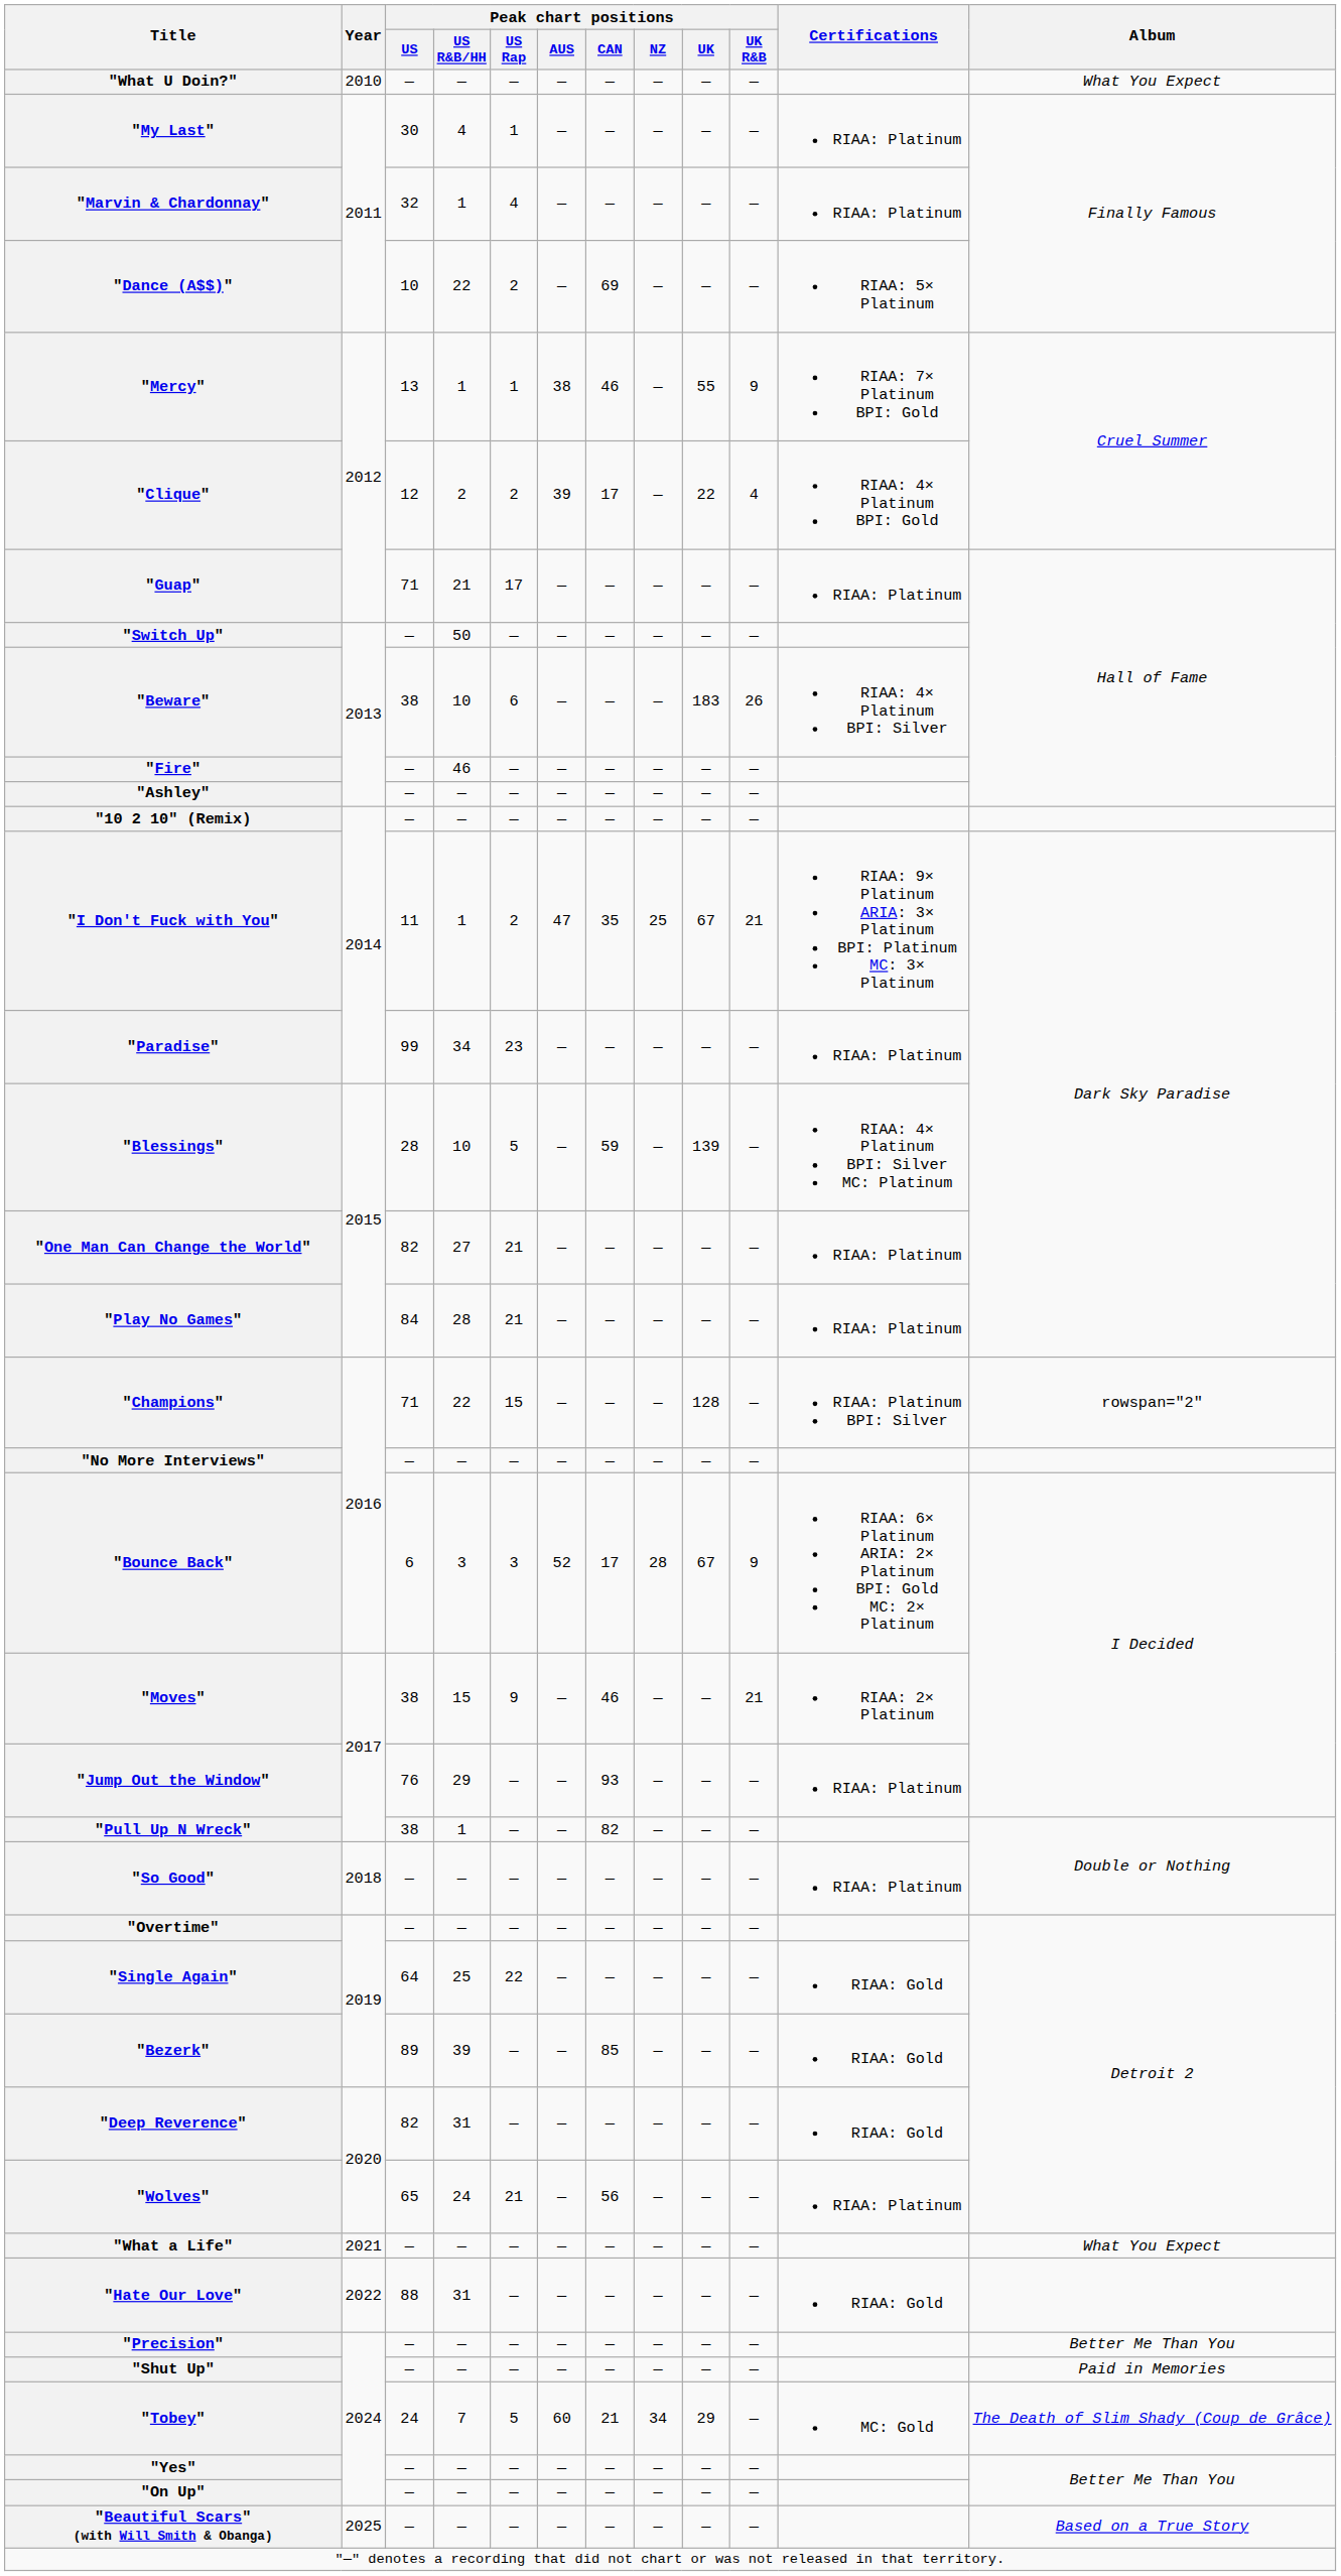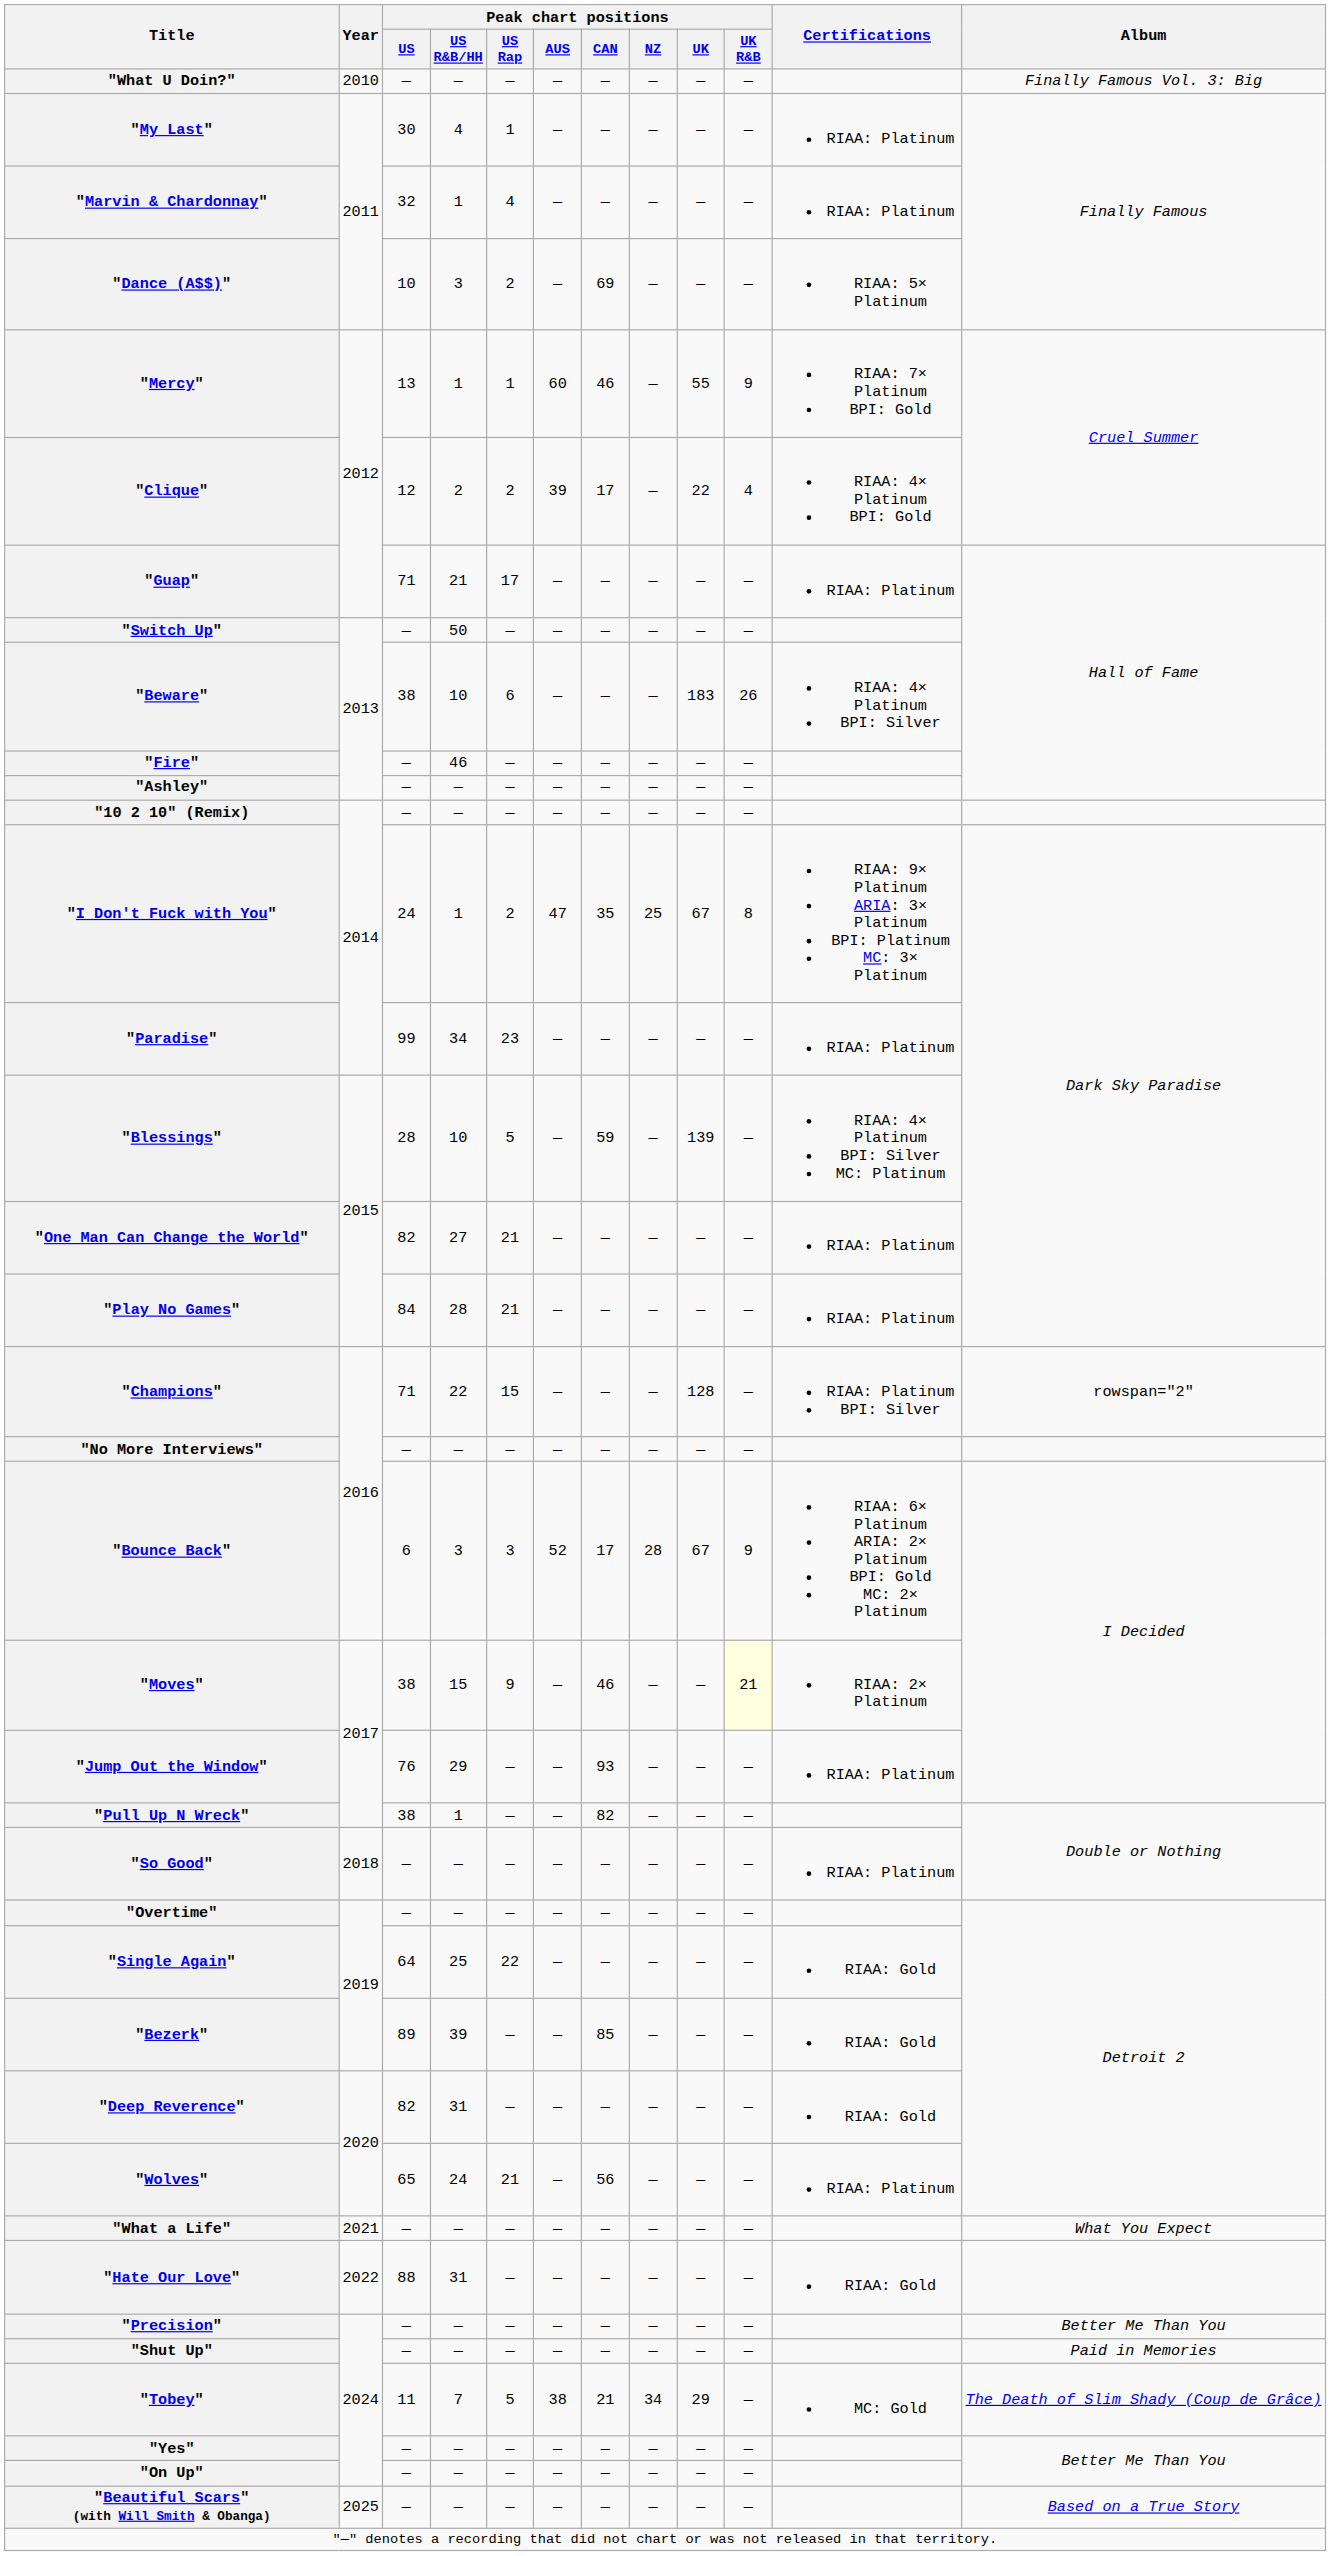 <table class="wikitable plainrowheaders" style="text-align:center;">
 <tr>
 <th scope="col" rowspan="2" style="width:21.5em;">Title</th>
 <th scope="col" rowspan="2">Year</th>
 <th scope="col" colspan="8">Peak chart positions</th>
 <th scope="col" rowspan="2" style="width:12em;"><a href='#'>Certifications</a></th>
 <th scope="col" rowspan="2">Album</th>
 </tr>
 <tr>
 <th scope="col" style="width:3em;font-size:90%;"><a href='#'>US</a><br></th>
 <th scope="col" style="width:3em;font-size:90%;"><a href='#'>US<br>R&B/HH</a><br></th>
 <th scope="col" style="width:3em;font-size:90%;"><a href='#'>US<br>Rap</a><br></th>
 <th scope="col" style="width:3em;font-size:90%;"><a href='#'>AUS</a><br></th>
 <th scope="col" style="width:3em;font-size:90%;"><a href='#'>CAN</a><br></th>
 <th scope="col" style="width:3em;font-size:90%;"><a href='#'>NZ</a><br></th>
 <th scope="col" style="width:3em;font-size:90%;"><a href='#'>UK</a><br></th>
 <th scope="col" style="width:3em;font-size:90%;"><a href='#'>UK<br>R&B</a><br></th>
 </tr>
 <tr>
 <th scope="row">"What U Doin?"</th>
 <td>2010</td>
 <td>—</td>
 <td>—</td>
 <td>—</td>
 <td>—</td>
 <td>—</td>
 <td>—</td>
 <td>—</td>
 <td>—</td>
 <td></td>
-<td><em>What You Expect</em></td>
+<td><em>Finally Famous Vol. 3: Big</em></td>
 </tr>
 <tr>
 <th scope="row">"<a href='#'>My Last</a>"<br></th>
 <td rowspan="3">2011</td>
 <td>30</td>
 <td>4</td>
 <td>1</td>
 <td>—</td>
 <td>—</td>
 <td>—</td>
 <td>—</td>
 <td>—</td>
 <td><br><ul><li>RIAA: Platinum</li></ul></td>
 <td rowspan="3"><em>Finally Famous</em></td>
 </tr>
 <tr>
 <th scope="row">"<a href='#'>Marvin & Chardonnay</a>"<br></th>
 <td>32</td>
 <td>1</td>
 <td>4</td>
 <td>—</td>
 <td>—</td>
 <td>—</td>
 <td>—</td>
 <td>—</td>
 <td><br><ul><li>RIAA: Platinum</li></ul></td>
 </tr>
 <tr>
 <th scope="row">"<a href='#'>Dance (A$$)</a>"<br></th>
 <td>10</td>
-<td>22</td>
+<td>3</td>
 <td>2</td>
 <td>—</td>
 <td>69</td>
 <td>—</td>
 <td>—</td>
 <td>—</td>
 <td><br><ul><li>RIAA: 5× Platinum</li></ul></td>
 </tr>
 <tr>
 <th scope="row">"<a href='#'>Mercy</a>"<br></th>
 <td rowspan="3">2012</td>
 <td>13</td>
 <td>1</td>
 <td>1</td>
-<td>38<br></td>
+<td>60</td>
 <td>46</td>
 <td>—</td>
 <td>55</td>
 <td>9</td>
 <td><br><ul><li>RIAA: 7× Platinum</li><li>BPI: Gold</li></ul></td>
 <td rowspan="2"><em><a href='#'>Cruel Summer</a></em></td>
 </tr>
 <tr>
 <th scope="row">"<a href='#'>Clique</a>"<br></th>
 <td>12</td>
 <td>2</td>
 <td>2</td>
 <td>39</td>
 <td>17</td>
 <td>—</td>
 <td>22</td>
 <td>4</td>
 <td><br><ul><li>RIAA: 4× Platinum</li><li>BPI: Gold</li></ul></td>
 </tr>
 <tr>
 <th scope="row">"<a href='#'>Guap</a>"</th>
 <td>71</td>
 <td>21</td>
 <td>17</td>
 <td>—</td>
 <td>—</td>
 <td>—</td>
 <td>—</td>
 <td>—</td>
 <td><br><ul><li>RIAA: Platinum</li></ul></td>
 <td rowspan="5"><em>Hall of Fame</em></td>
 </tr>
 <tr>
 <th scope="row">"<a href='#'>Switch Up</a>"<br></th>
 <td rowspan="4">2013</td>
 <td>—</td>
 <td>50</td>
 <td>—</td>
 <td>—</td>
 <td>—</td>
 <td>—</td>
 <td>—</td>
 <td>—</td>
 </tr>
 <tr>
 <th scope="row">"<a href='#'>Beware</a>"<br></th>
 <td>38</td>
 <td>10</td>
 <td>6</td>
 <td>—</td>
 <td>—</td>
 <td>—</td>
 <td>183</td>
 <td>26</td>
 <td><br><ul><li>RIAA: 4× Platinum</li><li>BPI: Silver</li></ul></td>
 </tr>
 <tr>
 <th scope="row">"<a href='#'>Fire</a>"</th>
 <td>—</td>
 <td>46</td>
 <td>—</td>
 <td>—</td>
 <td>—</td>
 <td>—</td>
 <td>—</td>
 <td>—</td>
 </tr>
 <tr>
 <th scope="row">"Ashley"<br></th>
 <td>—</td>
 <td>—</td>
 <td>—</td>
 <td>—</td>
 <td>—</td>
 <td>—</td>
 <td>—</td>
 <td>—</td>
 <td></td>
 </tr>
 <tr>
 <th scope="row">"10 2 10" (Remix)<br></th>
 <td rowspan="3">2014</td>
 <td>—</td>
 <td>—</td>
 <td>—</td>
 <td>—</td>
 <td>—</td>
 <td>—</td>
 <td>—</td>
 <td>—</td>
 <td></td>
 <td></td>
 </tr>
 <tr>
 <th scope="row">"<a href='#'>I Don't Fuck with You</a>"<br></th>
-<td>11</td>
+<td>24</td>
 <td>1</td>
 <td>2</td>
 <td>47</td>
 <td>35</td>
 <td>25</td>
 <td>67</td>
-<td>21</td>
+<td>8</td>
 <td><br><ul><li>RIAA: 9× Platinum</li><li><a href='#'>ARIA</a>: 3× Platinum</li><li>BPI: Platinum</li><li><a href='#'>MC</a>: 3× Platinum</li></ul></td>
 <td rowspan="5"><em>Dark Sky Paradise</em></td>
 </tr>
 <tr>
 <th scope="row">"<a href='#'>Paradise</a>"</th>
 <td>99</td>
 <td>34</td>
 <td>23</td>
 <td>—</td>
 <td>—</td>
 <td>—</td>
 <td>—</td>
 <td>—</td>
 <td><br><ul><li>RIAA: Platinum</li></ul></td>
 </tr>
 <tr>
 <th scope="row">"<a href='#'>Blessings</a>"<br></th>
 <td rowspan="3">2015</td>
 <td>28</td>
 <td>10</td>
 <td>5</td>
 <td>—</td>
 <td>59</td>
 <td>—</td>
 <td>139</td>
 <td>—</td>
 <td><br><ul><li>RIAA: 4× Platinum</li><li>BPI: Silver</li><li>MC: Platinum</li></ul></td>
 </tr>
 <tr>
 <th scope="row">"<a href='#'>One Man Can Change the World</a>"<br></th>
 <td>82</td>
 <td>27</td>
 <td>21</td>
 <td>—</td>
 <td>—</td>
 <td>—</td>
 <td>—</td>
 <td>—</td>
 <td><br><ul><li>RIAA: Platinum</li></ul></td>
 </tr>
 <tr>
 <th scope="row">"<a href='#'>Play No Games</a>"<br></th>
 <td>84</td>
 <td>28</td>
 <td>21</td>
 <td>—</td>
 <td>—</td>
 <td>—</td>
 <td>—</td>
 <td>—</td>
 <td><br><ul><li>RIAA: Platinum</li></ul></td>
 </tr>
 <tr>
 <th scope="row">"<a href='#'>Champions</a>" <br></th>
 <td rowspan="3">2016</td>
 <td>71</td>
 <td>22</td>
 <td>15</td>
 <td>—</td>
 <td>—</td>
 <td>—</td>
 <td>128</td>
 <td>—</td>
 <td><br><ul><li>RIAA: Platinum</li><li>BPI: Silver</li></ul></td>
 <td>rowspan="2" </td>
 </tr>
 <tr>
 <th scope="row">"No More Interviews"</th>
 <td>—</td>
 <td>—</td>
 <td>—</td>
 <td>—</td>
 <td>—</td>
 <td>—</td>
 <td>—</td>
 <td>—</td>
 <td></td>
 </tr>
 <tr>
 <th scope="row">"<a href='#'>Bounce Back</a>"</th>
 <td>6</td>
 <td>3</td>
 <td>3</td>
 <td>52</td>
 <td>17</td>
 <td>28</td>
 <td>67</td>
 <td>9</td>
 <td><br><ul><li>RIAA: 6× Platinum</li><li>ARIA: 2× Platinum</li><li>BPI: Gold</li><li>MC: 2× Platinum</li></ul></td>
 <td rowspan="3"><em>I Decided</em></td>
 </tr>
 <tr>
 <th scope="row">"<a href='#'>Moves</a>"</th>
 <td rowspan="3">2017</td>
 <td>38</td>
 <td>15</td>
 <td>9</td>
 <td>—</td>
 <td>46</td>
 <td>—</td>
 <td>—</td>
-<td>21</td>
+<td style="background: lightyellow;">21</td>
 <td><br><ul><li>RIAA: 2× Platinum</li></ul></td>
 </tr>
 <tr>
 <th scope="row">"<a href='#'>Jump Out the Window</a>"</th>
 <td>76</td>
 <td>29</td>
 <td>—</td>
 <td>—</td>
 <td>93</td>
 <td>—</td>
 <td>—</td>
 <td>—</td>
 <td><br><ul><li>RIAA: Platinum</li></ul></td>
 </tr>
 <tr>
 <th scope="row">"<a href='#'>Pull Up N Wreck</a>"<br></th>
 <td>38</td>
 <td>1</td>
 <td>—</td>
 <td>—</td>
 <td>82</td>
 <td>—</td>
 <td>—</td>
 <td>—</td>
 <td></td>
 <td rowspan="2"><em>Double or Nothing</em></td>
 </tr>
 <tr>
 <th scope="row">"<a href='#'>So Good</a>"<br></th>
 <td>2018</td>
 <td>—</td>
 <td>—</td>
 <td>—</td>
 <td>—</td>
 <td>—</td>
 <td>—</td>
 <td>—</td>
 <td>—</td>
 <td><br><ul><li>RIAA: Platinum</li></ul></td>
 </tr>
 <tr>
 <th scope="row">"Overtime"</th>
 <td rowspan="3">2019</td>
 <td>—</td>
 <td>—</td>
 <td>—</td>
 <td>—</td>
 <td>—</td>
 <td>—</td>
 <td>—</td>
 <td>—</td>
 <td></td>
 <td rowspan="5"><em>Detroit 2</em></td>
 </tr>
 <tr>
 <th scope="row">"<a href='#'>Single Again</a>"</th>
 <td>64</td>
 <td>25</td>
 <td>22</td>
 <td>—</td>
 <td>—</td>
 <td>—</td>
 <td>—</td>
 <td>—</td>
 <td><br><ul><li>RIAA: Gold</li></ul></td>
 </tr>
 <tr>
 <th scope="row">"<a href='#'>Bezerk</a>"<br></th>
 <td>89</td>
 <td>39</td>
 <td>—</td>
 <td>—</td>
 <td>85</td>
 <td>—</td>
 <td>—</td>
 <td>—</td>
 <td><br><ul><li>RIAA: Gold</li></ul></td>
 </tr>
 <tr>
 <th scope="row">"<a href='#'>Deep Reverence</a>"<br></th>
 <td rowspan="2">2020</td>
 <td>82</td>
 <td>31</td>
 <td>—</td>
 <td>—</td>
 <td>—</td>
 <td>—</td>
 <td>—</td>
 <td>—</td>
 <td><br><ul><li>RIAA: Gold</li></ul></td>
 </tr>
 <tr>
 <th scope="row">"<a href='#'>Wolves</a>"<br></th>
 <td>65</td>
 <td>24</td>
 <td>21</td>
 <td>—</td>
 <td>56</td>
 <td>—</td>
 <td>—</td>
 <td>—</td>
 <td><br><ul><li>RIAA: Platinum</li></ul></td>
 </tr>
 <tr>
 <th scope="row">"What a Life"<br></th>
 <td>2021</td>
 <td>—</td>
 <td>—</td>
 <td>—</td>
 <td>—</td>
 <td>—</td>
 <td>—</td>
 <td>—</td>
 <td>—</td>
 <td></td>
 <td><em>What You Expect</em></td>
 </tr>
 <tr>
 <th scope="row">"<a href='#'>Hate Our Love</a>"<br></th>
 <td>2022</td>
 <td>88</td>
 <td>31</td>
 <td>—</td>
 <td>—</td>
 <td>—</td>
 <td>—</td>
 <td>—</td>
 <td>—</td>
 <td><br><ul><li>RIAA: Gold</li></ul></td>
 <td></td>
 </tr>
 <tr>
 <th scope="row">"<a href='#'>Precision</a>"</th>
 <td rowspan="5">2024</td>
 <td>—</td>
 <td>—</td>
 <td>—</td>
 <td>—</td>
 <td>—</td>
 <td>—</td>
 <td>—</td>
 <td>—</td>
 <td></td>
 <td><em>Better Me Than You</em></td>
 </tr>
 <tr>
 <th scope="row">"Shut Up"<br></th>
 <td>—</td>
 <td>—</td>
 <td>—</td>
 <td>—</td>
 <td>—</td>
 <td>—</td>
 <td>—</td>
 <td>—</td>
 <td></td>
 <td><em>Paid in Memories</em></td>
 </tr>
 <tr>
 <th scope="row">"<a href='#'>Tobey</a>"<br></th>
-<td>24</td>
+<td>11</td>
 <td>7</td>
 <td>5</td>
-<td>60</td>
+<td>38<br></td>
 <td>21</td>
 <td>34<br></td>
 <td>29</td>
 <td>—</td>
 <td><br><ul><li>MC: Gold</li></ul></td>
 <td><em><a href='#'>The Death of Slim Shady (Coup de Grâce)</a></em></td>
 </tr>
 <tr>
 <th scope="row">"Yes"</th>
 <td>—</td>
 <td>—</td>
 <td>—</td>
 <td>—</td>
 <td>—</td>
 <td>—</td>
 <td>—</td>
 <td>—</td>
 <td></td>
 <td rowspan="2"><em>Better Me Than You</em></td>
 </tr>
 <tr>
 <th scope="row">"On Up"</th>
 <td>—</td>
 <td>—</td>
 <td>—</td>
 <td>—</td>
 <td>—</td>
 <td>—</td>
 <td>—</td>
 <td>—</td>
 <td></td>
 </tr>
 <tr>
 <th scope="row">"<a href='#'>Beautiful Scars</a>"<br><small>(with <a href='#'>Will Smith</a> & Obanga)</small></th>
 <td>2025</td>
 <td>—</td>
 <td>—</td>
 <td>—</td>
 <td>—</td>
 <td>—</td>
 <td>—</td>
 <td>—</td>
 <td>—</td>
 <td></td>
 <td><em><a href='#'>Based on a True Story</a></em></td>
 </tr>
 <tr>
 <td colspan="12" style="font-size:90%">"—" denotes a recording that did not chart or was not released in that territory.</td>
 </tr>
 </table>
